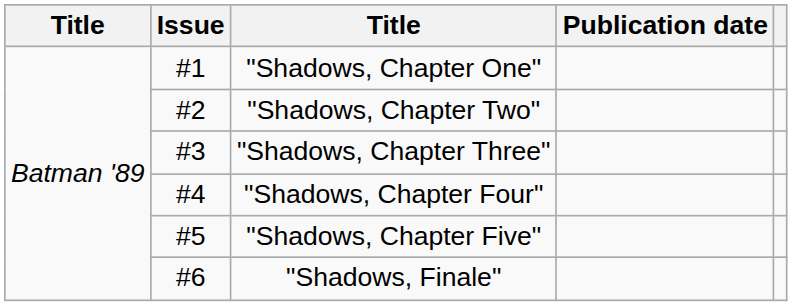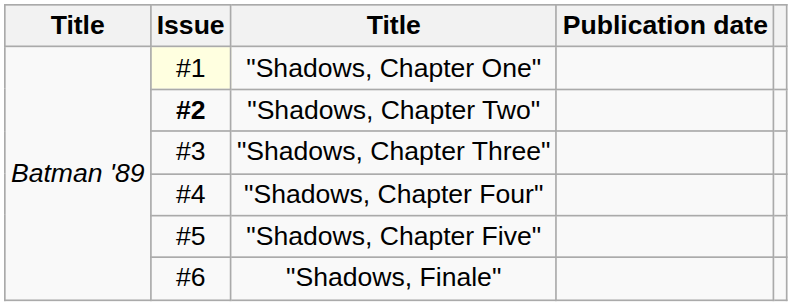 <table class="wikitable" style="text-align:center;">
 <tr>
 <th>Title</th>
 <th>Issue</th>
 <th>Title</th>
 <th>Publication date</th>
 <th></th>
 </tr>
 <tr>
 <td rowspan="6"><em>Batman '89</em></td>
-<td>#1</td>
+<td style="background: lightyellow;">#1</td>
 <td>"Shadows, Chapter One"</td>
 <td></td>
 <td></td>
 </tr>
 <tr>
-<td>#2</td>
+<td><strong>#2</strong></td>
 <td>"Shadows, Chapter Two"</td>
 <td></td>
 <td></td>
 </tr>
 <tr>
 <td>#3</td>
 <td>"Shadows, Chapter Three"</td>
 <td></td>
 <td></td>
 </tr>
 <tr>
 <td>#4</td>
 <td>"Shadows, Chapter Four"</td>
 <td></td>
 <td></td>
 </tr>
 <tr>
 <td>#5</td>
 <td>"Shadows, Chapter Five"</td>
 <td></td>
 <td></td>
 </tr>
 <tr>
 <td>#6</td>
 <td>"Shadows, Finale"</td>
 <td></td>
 <td></td>
 </tr>
 </table>
